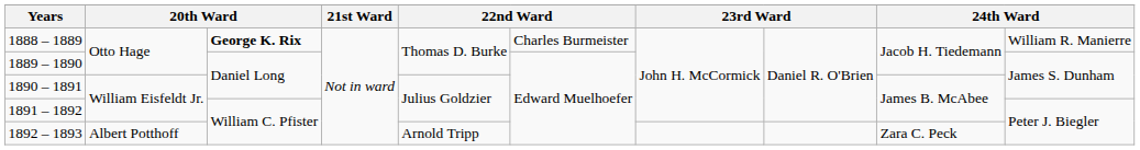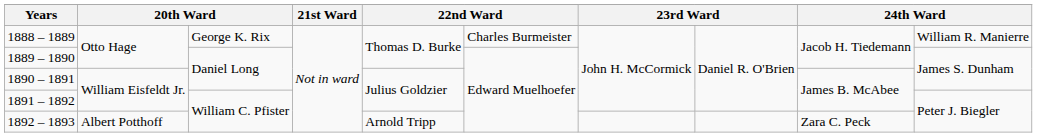 <table class="wikitable mw-collapsible mw-collapsed">
 <tr>
 </tr>
 <tr>
 <th>Years</th>
 <th colspan="2">20th Ward</th>
 <th colspan="2">21st Ward</th>
 <th colspan="2">22nd Ward</th>
 <th colspan="2">23rd Ward</th>
 <th colspan="2">24th Ward</th>
 </tr>
 <tr>
 <td>1888 – 1889</td>
 <td rowspan="2">Otto Hage</td>
-<td><strong>George K. Rix</strong></td>
+<td>George K. Rix</td>
 <td colspan="2" rowspan="12"><em>Not in ward</em></td>
 <td rowspan="2">Thomas D. Burke</td>
 <td>Charles Burmeister</td>
 <td rowspan="4">John H. McCormick</td>
 <td rowspan="4">Daniel R. O'Brien</td>
 <td rowspan="2">Jacob H. Tiedemann</td>
 <td>William R. Manierre</td>
 </tr>
 <tr>
 <td>1889 – 1890</td>
 <td rowspan="2">Daniel Long</td>
 <td rowspan="6">Edward Muelhoefer</td>
 <td rowspan="2">James S. Dunham</td>
 </tr>
 <tr>
 <td>1890 – 1891</td>
 <td rowspan="2">William Eisfeldt Jr.</td>
 <td rowspan="2">Julius Goldzier</td>
 <td rowspan="2">James B. McAbee</td>
 </tr>
 <tr>
 <td>1891 – 1892</td>
 <td rowspan="2">William C. Pfister</td>
 <td rowspan="2">Peter J. Biegler</td>
 </tr>
 <tr>
 <td>1892 – 1893</td>
 <td rowspan="2">Albert Potthoff</td>
 <td rowspan="2">Arnold Tripp</td>
 <td></td>
 <td></td>
 <td rowspan="3">Zara C. Peck</td>
 </tr>
 </table>
